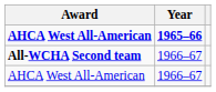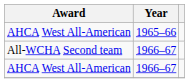 <table class="wikitable">
 <tr>
 <th>Award</th>
 <th>Year</th>
 <th></th>
 </tr>
 <tr>
-<td><strong><a href='#'>AHCA</a> <a href='#'>West All-American</a></strong></td>
-<td><strong><a href='#'>1965–66</a></strong></td>
+<td><a href='#'>AHCA</a> <a href='#'>West All-American</a></td>
+<td><a href='#'>1965–66</a></td>
 <td></td>
 </tr>
 <tr>
-<td><strong>All-<a href='#'>WCHA</a> <a href='#'>Second team</a></strong></td>
+<td>All-<a href='#'>WCHA</a> <a href='#'>Second team</a></td>
 <td><a href='#'>1966–67</a></td>
 <td></td>
 </tr>
 <tr>
 <td><a href='#'>AHCA</a> <a href='#'>West All-American</a></td>
 <td><a href='#'>1966–67</a></td>
 <td></td>
 </tr>
 <tr>
 </tr>
 </table>
